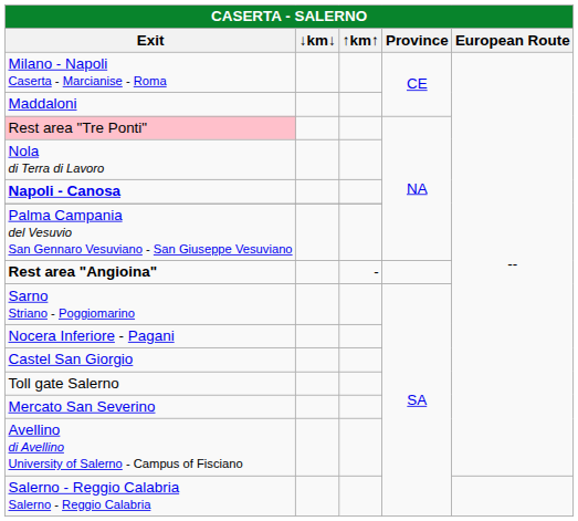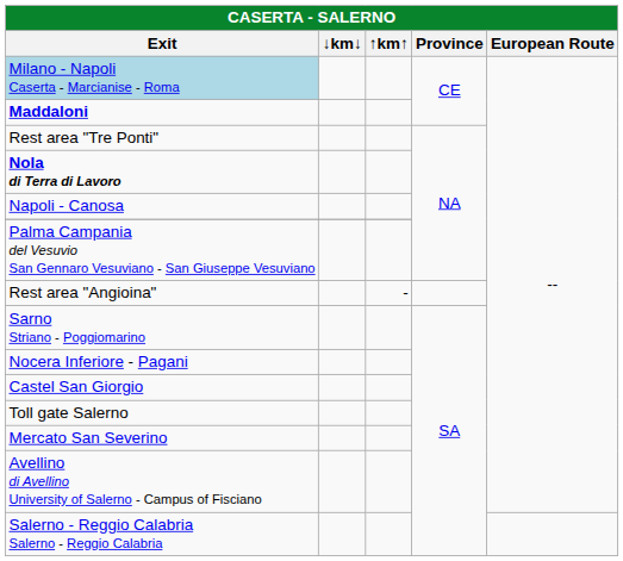 <table class="wikitable" border="1">
 <tr align="center" bgcolor="08842C" style="color: white;font-size:100%;">
 <td colspan="5"><strong> CASERTA - SALERNO</strong></td>
 </tr>
 <tr>
 <th style="text-align:center;"><strong>Exit</strong></th>
 <th style="text-align:center;"><strong>↓km↓</strong></th>
 <th style="text-align:center;"><strong>↑km↑</strong></th>
 <th align="center"><strong>Province</strong></th>
 <th align="center"><strong>European Route</strong></th>
 </tr>
 <tr>
-<td>   <a href='#'>Milano - Napoli</a> <br><small> <a href='#'>Caserta</a> - <a href='#'>Marcianise</a> - <a href='#'>Roma</a></small></td>
+<td style="background: lightblue;">   <a href='#'>Milano - Napoli</a> <br><small> <a href='#'>Caserta</a> - <a href='#'>Marcianise</a> - <a href='#'>Roma</a></small></td>
 <td align="right"></td>
 <td align="right"></td>
 <td align="center" rowspan=2><a href='#'>CE</a></td>
 <td align="center" rowspan=14>--</td>
 </tr>
 <tr>
-<td> <a href='#'>Maddaloni</a></td>
+<td><strong> <a href='#'>Maddaloni</a></strong></td>
 <td align="right"></td>
 <td align="right"></td>
 </tr>
 <tr>
-<td style="background: pink;"> Rest area "Tre Ponti"</td>
+<td> Rest area "Tre Ponti"</td>
 <td align="right"></td>
 <td align="right"></td>
 <td align="center" rowspan=5><a href='#'>NA</a></td>
 </tr>
 <tr>
-<td> <a href='#'>Nola</a> <br><small> <em>di Terra di Lavoro</em></small></td>
+<td><strong> <a href='#'>Nola</a> <br><small> <em>di Terra di Lavoro</em></small></strong></td>
 <td align="right"></td>
 <td align="right"></td>
 </tr>
 <tr>
-<td><strong>   <a href='#'>Napoli - Canosa</a></strong></td>
+<td>   <a href='#'>Napoli - Canosa</a></td>
 <td align="right"></td>
 <td align="right"></td>
 </tr>
 <tr>
 </tr>
 <tr>
 <td> <a href='#'>Palma Campania</a> <br><small>  <em>del Vesuvio</em><br></small> <small> <a href='#'>San Gennaro Vesuviano</a> - <a href='#'>San Giuseppe Vesuviano</a> </small></td>
 <td align="right"></td>
 <td align="right"></td>
 </tr>
 <tr>
-<td><strong> Rest area "Angioina" </strong></td>
+<td> Rest area "Angioina" </td>
 <td align="right"></td>
 <td align="right">-</td>
 </tr>
 <tr>
 <td> <a href='#'>Sarno</a><br><small><a href='#'>Striano</a> - <a href='#'>Poggiomarino</a></small></td>
 <td align="right"></td>
 <td align="right"></td>
 <td align="center" rowspan=7><a href='#'>SA</a></td>
 </tr>
 <tr>
 <td> <a href='#'>Nocera Inferiore</a> - <a href='#'>Pagani</a></td>
 <td align="right"></td>
 <td align="right"></td>
 </tr>
 <tr>
 <td> <a href='#'>Castel San Giorgio</a></td>
 <td align="right"></td>
 <td align="right"></td>
 </tr>
 <tr>
 <td> Toll gate Salerno</td>
 <td align="right"></td>
 <td align="right"></td>
 </tr>
 <tr>
 <td> <a href='#'>Mercato San Severino</a></td>
 <td align="right"></td>
 <td align="right"></td>
 </tr>
 <tr>
 <td> <a href='#'>Avellino</a><br><small>  <a href='#'><em>di Avellino</em></a><br>  <a href='#'>University of Salerno</a> - Campus of Fisciano</small></td>
 <td align="right"></td>
 <td align="right"></td>
 </tr>
 <tr>
 <td>   <a href='#'>Salerno - Reggio Calabria</a><br><small><a href='#'>Salerno</a> - <a href='#'>Reggio Calabria</a></small></td>
 <td align="right"></td>
 <td align="right"></td>
 </tr>
 </table>
